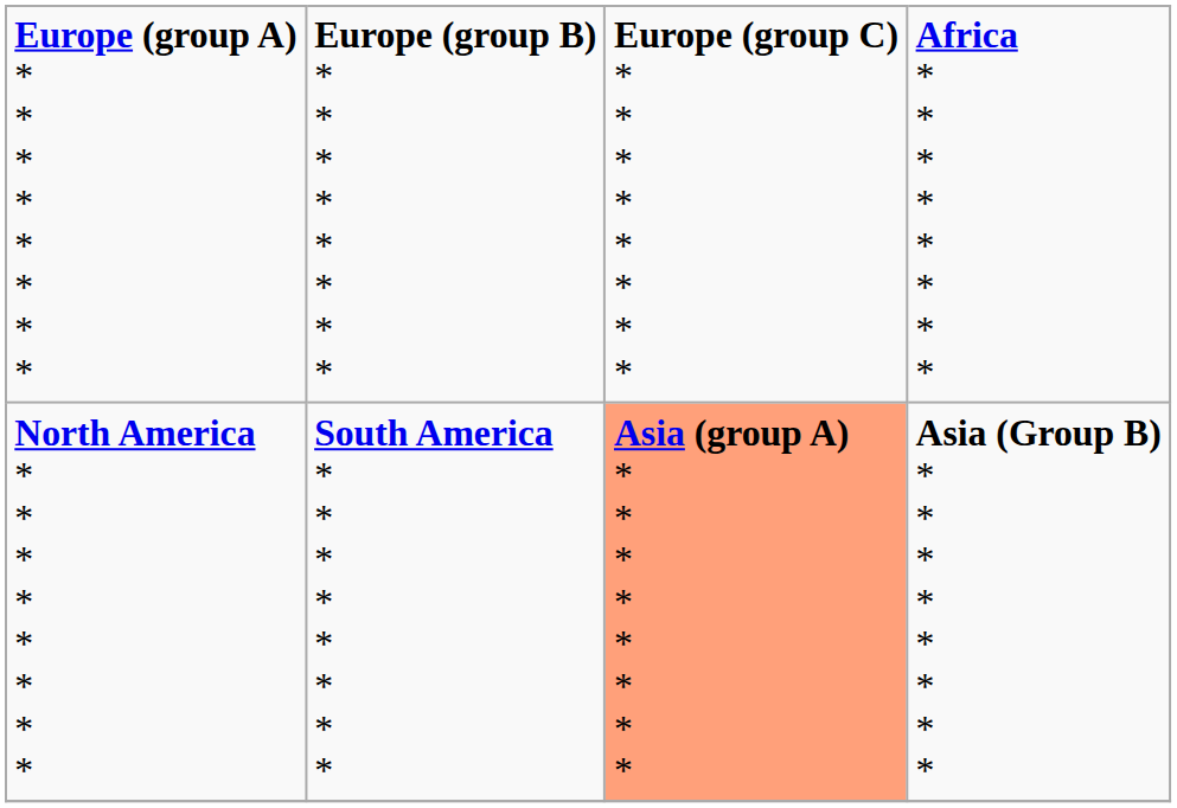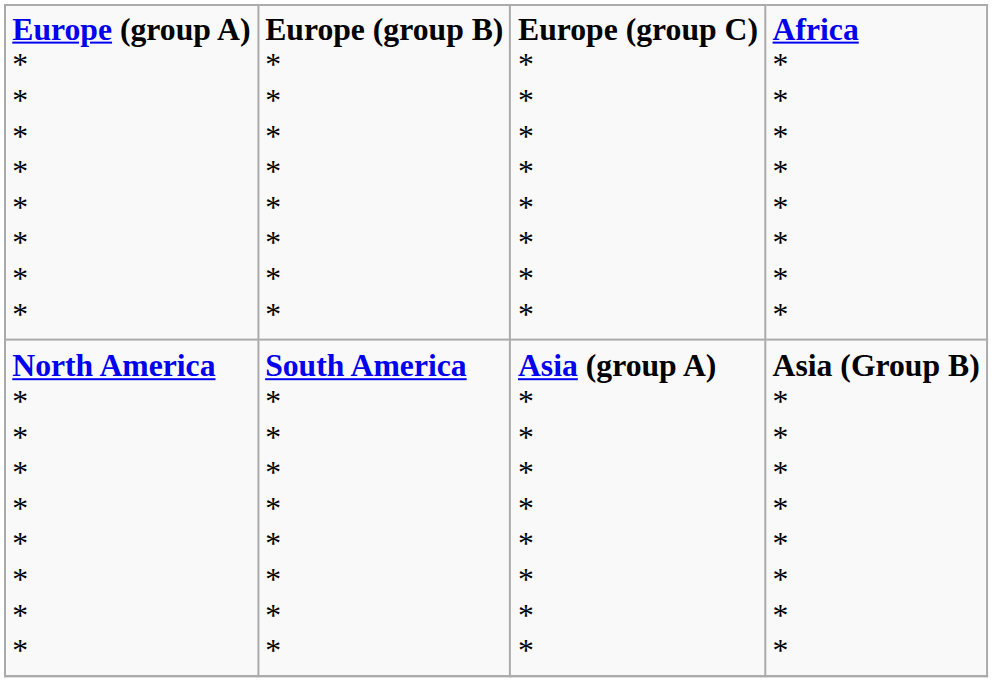 <table class="wikitable">
 <tr>
 <td><strong><a href='#'>Europe</a> (group A)</strong><br>* <br>* <br>* <br>* <br>* <br>* <br>* <br>* </td>
 <td><strong>Europe (group B)</strong><br>* <br>* <br>* <br>* <br>* <br>* <br>* <br>* </td>
 <td><strong>Europe (group C)</strong><br>* <br>* <br>* <br>* <br>* <br>* <br>* <br>* </td>
 <td><strong><a href='#'>Africa</a></strong><br>* <br>* <br>* <br>* <br>* <br>* <br>* <br>* </td>
 </tr>
 <tr>
 <td><strong><a href='#'>North America</a></strong><br>* <br>* <br>* <br>* <br>* <br>* <br>* <br>* </td>
 <td><strong><a href='#'>South America</a></strong><br>* <br>* <br>* <br>* <br>* <br>* <br>* <br>* </td>
-<td style="background: lightsalmon;"><strong><a href='#'>Asia</a> (group A)</strong><br>* <br>* <br>* <br>* <br>* <br>* <br>* <br>* </td>
+<td><strong><a href='#'>Asia</a> (group A)</strong><br>* <br>* <br>* <br>* <br>* <br>* <br>* <br>* </td>
 <td><strong>Asia (Group B)</strong><br>* <br>* <br>* <br>* <br>* <br>* <br>* <br>* </td>
 </tr>
 <tr>
 </tr>
 </table>
